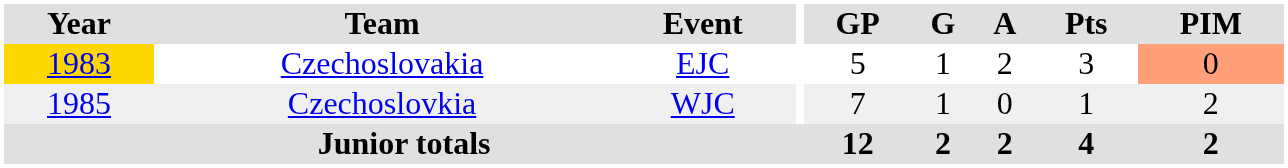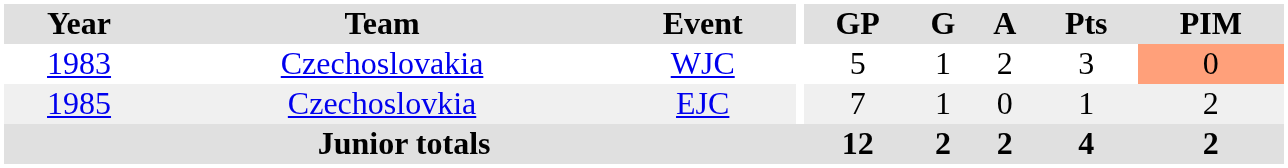 <table border="0" cellpadding="1" cellspacing="0" ID="Table3" style="text-align:center; width:40em">
 <tr bgcolor="#e0e0e0">
 <th>Year</th>
 <th>Team</th>
 <th>Event</th>
 <th rowspan="102" bgcolor="#ffffff"></th>
 <th>GP</th>
 <th>G</th>
 <th>A</th>
 <th>Pts</th>
 <th>PIM</th>
 </tr>
 <tr>
-<td style="background: gold;"><a href='#'>1983</a></td>
+<td><a href='#'>1983</a></td>
 <td><a href='#'>Czechoslovakia</a></td>
-<td><a href='#'>EJC</a></td>
+<td><a href='#'>WJC</a></td>
 <td>5</td>
 <td>1</td>
 <td>2</td>
 <td>3</td>
 <td style="background: lightsalmon;">0</td>
 </tr>
 <tr bgcolor="#f0f0f0">
 <td><a href='#'>1985</a></td>
 <td><a href='#'>Czechoslovkia</a></td>
-<td><a href='#'>WJC</a></td>
+<td><a href='#'>EJC</a></td>
 <td>7</td>
 <td>1</td>
 <td>0</td>
 <td>1</td>
 <td>2</td>
 </tr>
 <tr bgcolor="#e0e0e0">
 <th colspan="4">Junior totals</th>
 <th>12</th>
 <th>2</th>
 <th>2</th>
 <th>4</th>
 <th>2</th>
 </tr>
 </table>
